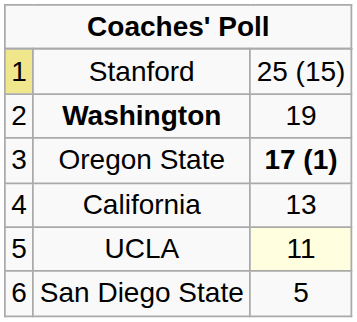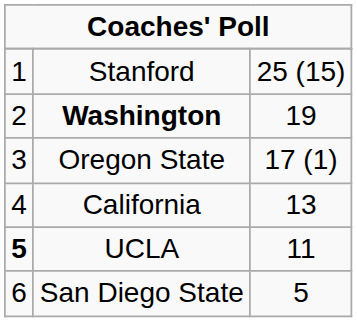 <table class="wikitable" style="display: inline-table;">
 <tr>
 <td align="center" Colspan="3"><strong>Coaches' Poll</strong></td>
 </tr>
 <tr align="center">
 </tr>
 <tr align="center">
-<td style="background: khaki;">1</td>
+<td>1</td>
 <td>Stanford</td>
 <td>25 (15)</td>
 </tr>
 <tr align="center">
 <td>2</td>
 <td><strong>Washington</strong></td>
 <td>19</td>
 </tr>
 <tr align="center">
 <td>3</td>
 <td>Oregon State</td>
-<td><strong>17 (1)</strong></td>
+<td>17 (1)</td>
 </tr>
 <tr align="center">
 <td>4</td>
 <td>California</td>
 <td>13</td>
 </tr>
 <tr align="center">
-<td>5</td>
+<td><strong>5</strong></td>
 <td>UCLA</td>
-<td style="background: lightyellow;">11</td>
+<td>11</td>
 </tr>
 <tr align="center">
 <td>6</td>
 <td>San Diego State</td>
 <td>5</td>
 </tr>
 </table>
